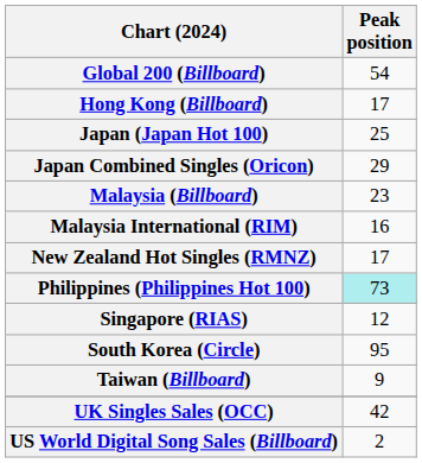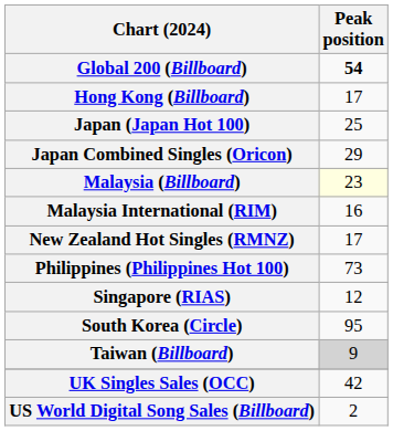 <table class="wikitable sortable plainrowheaders" style="text-align:center">
 <tr>
 <th scope="col">Chart (2024)</th>
 <th scope="col">Peak<br>position</th>
 </tr>
 <tr>
 <th scope="row"><a href='#'>Global 200</a> (<em><a href='#'>Billboard</a></em>)</th>
-<td>54</td>
+<td><strong>54</strong></td>
 </tr>
 <tr>
 <th scope="row"><a href='#'>Hong Kong</a> (<em><a href='#'>Billboard</a></em>)</th>
 <td>17</td>
 </tr>
 <tr>
 <th scope="row">Japan (<a href='#'>Japan Hot 100</a>)</th>
 <td>25</td>
 </tr>
 <tr>
 <th scope="row">Japan Combined Singles (<a href='#'>Oricon</a>)</th>
 <td>29</td>
 </tr>
 <tr>
 <th scope="row"><a href='#'>Malaysia</a> (<em><a href='#'>Billboard</a></em>)</th>
-<td>23</td>
+<td style="background: lightyellow;">23</td>
 </tr>
 <tr>
 <th scope="row">Malaysia International (<a href='#'>RIM</a>)</th>
 <td>16</td>
 </tr>
 <tr>
 <th scope="row">New Zealand Hot Singles (<a href='#'>RMNZ</a>)</th>
 <td>17</td>
 </tr>
 <tr>
 <th scope="row">Philippines (<a href='#'>Philippines Hot 100</a>)</th>
-<td style="background: paleturquoise;">73</td>
+<td>73</td>
 </tr>
 <tr>
 <th scope="row">Singapore (<a href='#'>RIAS</a>)</th>
 <td>12</td>
 </tr>
 <tr>
 <th scope="row">South Korea (<a href='#'>Circle</a>)</th>
 <td>95</td>
 </tr>
 <tr>
 <th scope="row">Taiwan (<em><a href='#'>Billboard</a></em>)</th>
-<td>9</td>
+<td style="background: lightgrey;">9</td>
 </tr>
 <tr>
 </tr>
 <tr>
 <th scope="row"><a href='#'>UK Singles Sales</a> (<a href='#'>OCC</a>)</th>
 <td>42</td>
 </tr>
 <tr>
 <th scope="row">US <a href='#'>World Digital Song Sales</a> (<em><a href='#'>Billboard</a></em>)</th>
 <td>2</td>
 </tr>
 </table>
